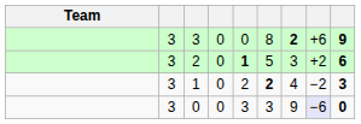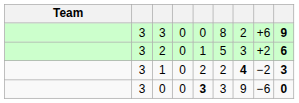 <table class="wikitable" style="text-align: center;">
 <tr>
 <th width=165>Team</th>
 <th width=20></th>
 <th width=20></th>
 <th width=20></th>
 <th width=20></th>
 <th width=20></th>
 <th width=20></th>
 <th width=20></th>
 <th width=20></th>
 </tr>
 <tr bgcolor="#ccffcc">
 <td align="left"></td>
 <td>3</td>
 <td>3</td>
 <td>0</td>
 <td>0</td>
 <td>8</td>
-<td><strong>2</strong></td>
+<td>2</td>
 <td>+6</td>
 <td><strong>9</strong></td>
 </tr>
 <tr bgcolor="#ccffcc">
 <td align="left"></td>
 <td>3</td>
 <td>2</td>
 <td>0</td>
-<td><strong>1</strong></td>
+<td>1</td>
 <td>5</td>
 <td>3</td>
 <td>+2</td>
 <td><strong>6</strong></td>
 </tr>
 <tr>
 <td align="left"></td>
 <td>3</td>
 <td>1</td>
 <td>0</td>
 <td>2</td>
-<td><strong>2</strong></td>
-<td>4</td>
+<td>2</td>
+<td><strong>4</strong></td>
 <td>−2</td>
 <td><strong>3</strong></td>
 </tr>
 <tr>
 <td align="left"></td>
 <td>3</td>
 <td>0</td>
 <td>0</td>
-<td>3</td>
+<td><strong>3</strong></td>
 <td>3</td>
 <td>9</td>
-<td style="background: lavender;">−6</td>
+<td>−6</td>
 <td><strong>0</strong></td>
 </tr>
 </table>
